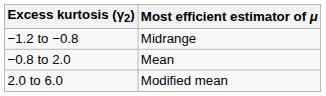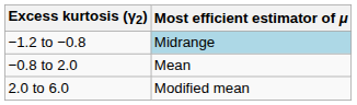 <table class="wikitable">
 <tr>
 <th>Excess kurtosis (γ<sub>2</sub>)</th>
 <th>Most efficient estimator of <em>μ</em></th>
 </tr>
 <tr>
 <td>−1.2 to −0.8</td>
-<td>Midrange</td>
+<td style="background: lightblue;">Midrange</td>
 </tr>
 <tr>
 <td>−0.8 to  2.0</td>
 <td>Mean</td>
 </tr>
 <tr>
 <td>2.0 to  6.0</td>
 <td>Modified mean</td>
 </tr>
 </table>
